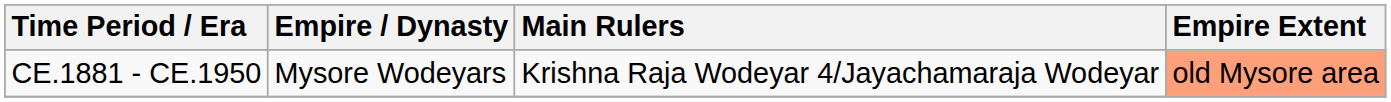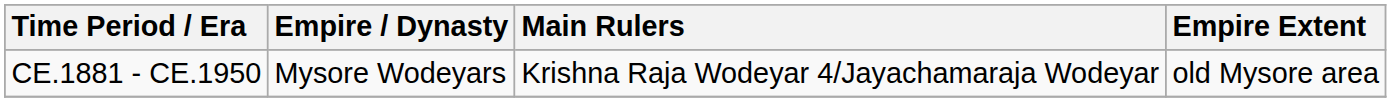 <table class="wikitable">
 <tr>
 <th style="text-align: left;">Time Period / Era</th>
 <th style="text-align: left;">Empire / Dynasty</th>
 <th style="text-align: left;">Main Rulers</th>
 <th style="text-align: left;">Empire Extent</th>
 </tr>
 <tr>
 <td>CE.1881 - CE.1950</td>
 <td>Mysore Wodeyars</td>
 <td>Krishna Raja Wodeyar 4/Jayachamaraja Wodeyar</td>
-<td style="background: lightsalmon;">old Mysore area</td>
+<td>old Mysore area</td>
 </tr>
 <tr>
 </tr>
 </table>
